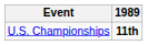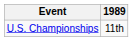 <table class="wikitable" style="text-align:center">
 <tr>
 <th>Event</th>
 <th>1989</th>
 </tr>
 <tr>
 <td align=left><a href='#'>U.S. Championships</a></td>
-<td><strong>11th</strong></td>
+<td>11th</td>
 </tr>
 </table>
